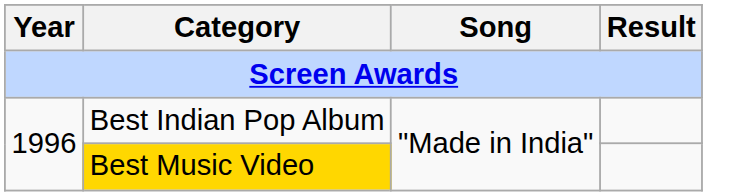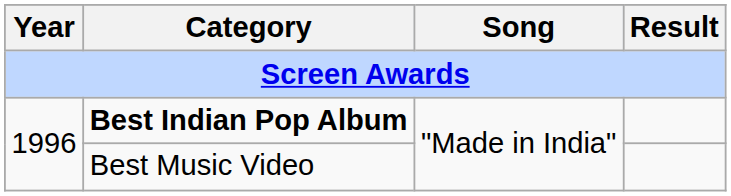 <table class="wikitable">
 <tr style="background:#ebf5ff;">
 <th>Year</th>
 <th>Category</th>
 <th>Song</th>
 <th>Result</th>
 </tr>
 <tr style="background:#bfd7ff;">
 <td colspan="5" style="text-align:center;"><strong><a href='#'>Screen Awards</a></strong></td>
 </tr>
 <tr>
 <td rowspan="2">1996</td>
-<td>Best Indian Pop Album</td>
+<td><strong>Best Indian Pop Album</strong></td>
 <td rowspan="2">"Made in India"</td>
 <td></td>
 </tr>
 <tr>
-<td style="background: gold;">Best Music Video</td>
+<td>Best Music Video</td>
 <td></td>
 </tr>
 </table>
